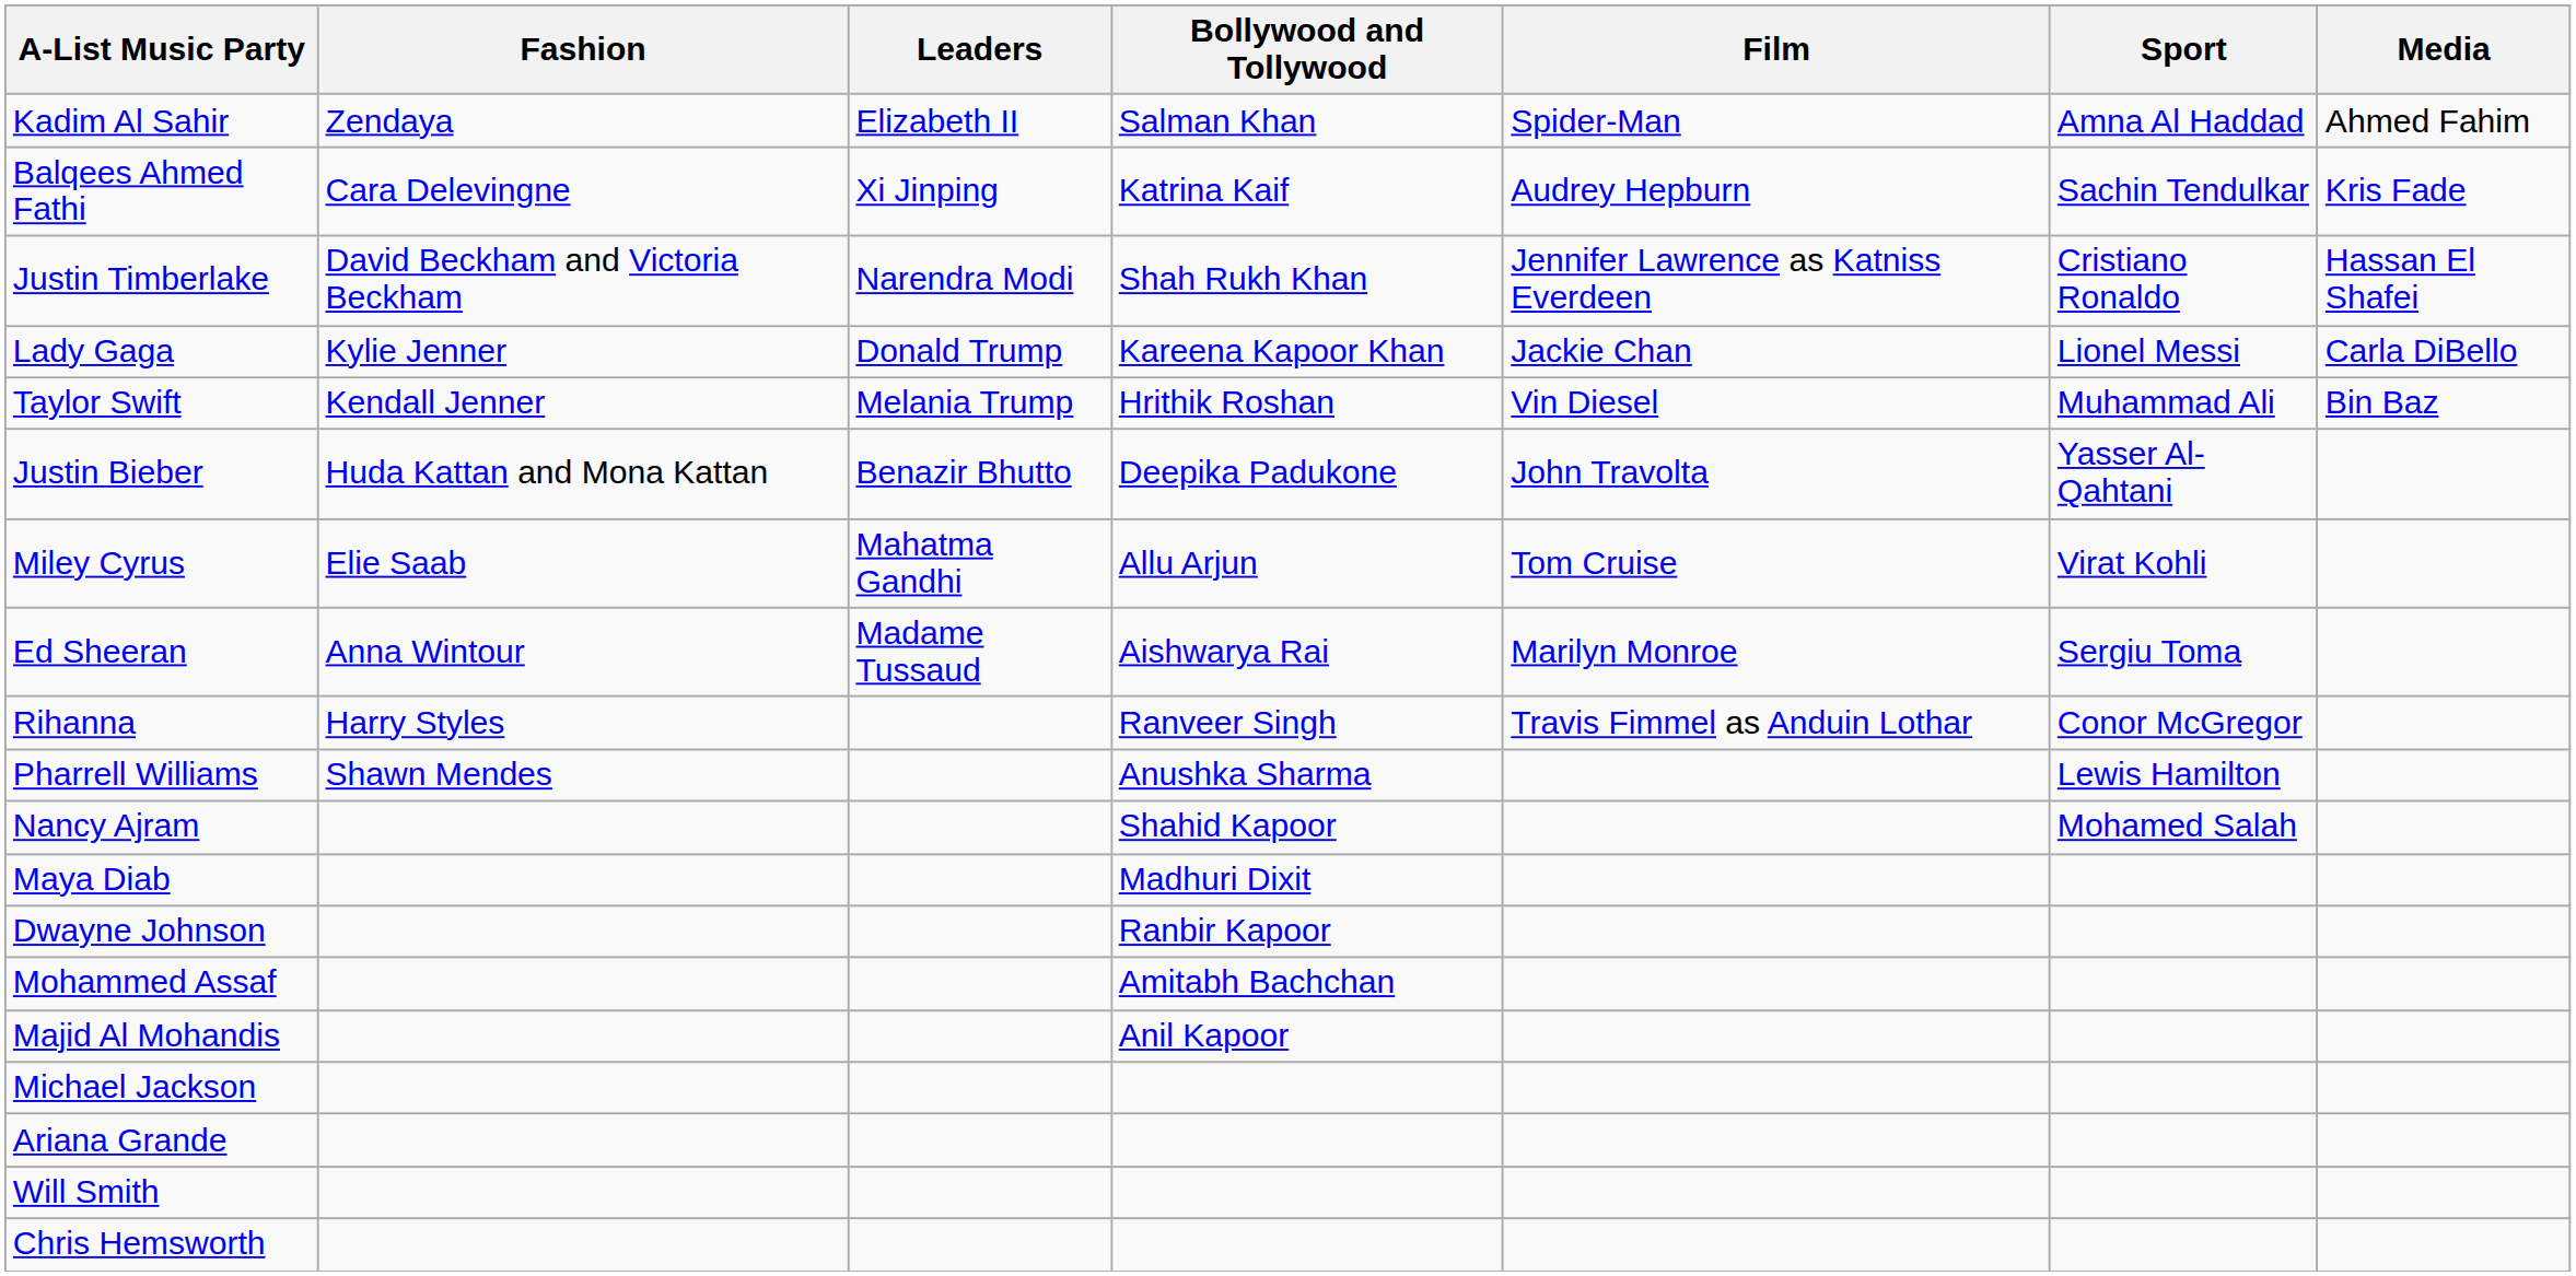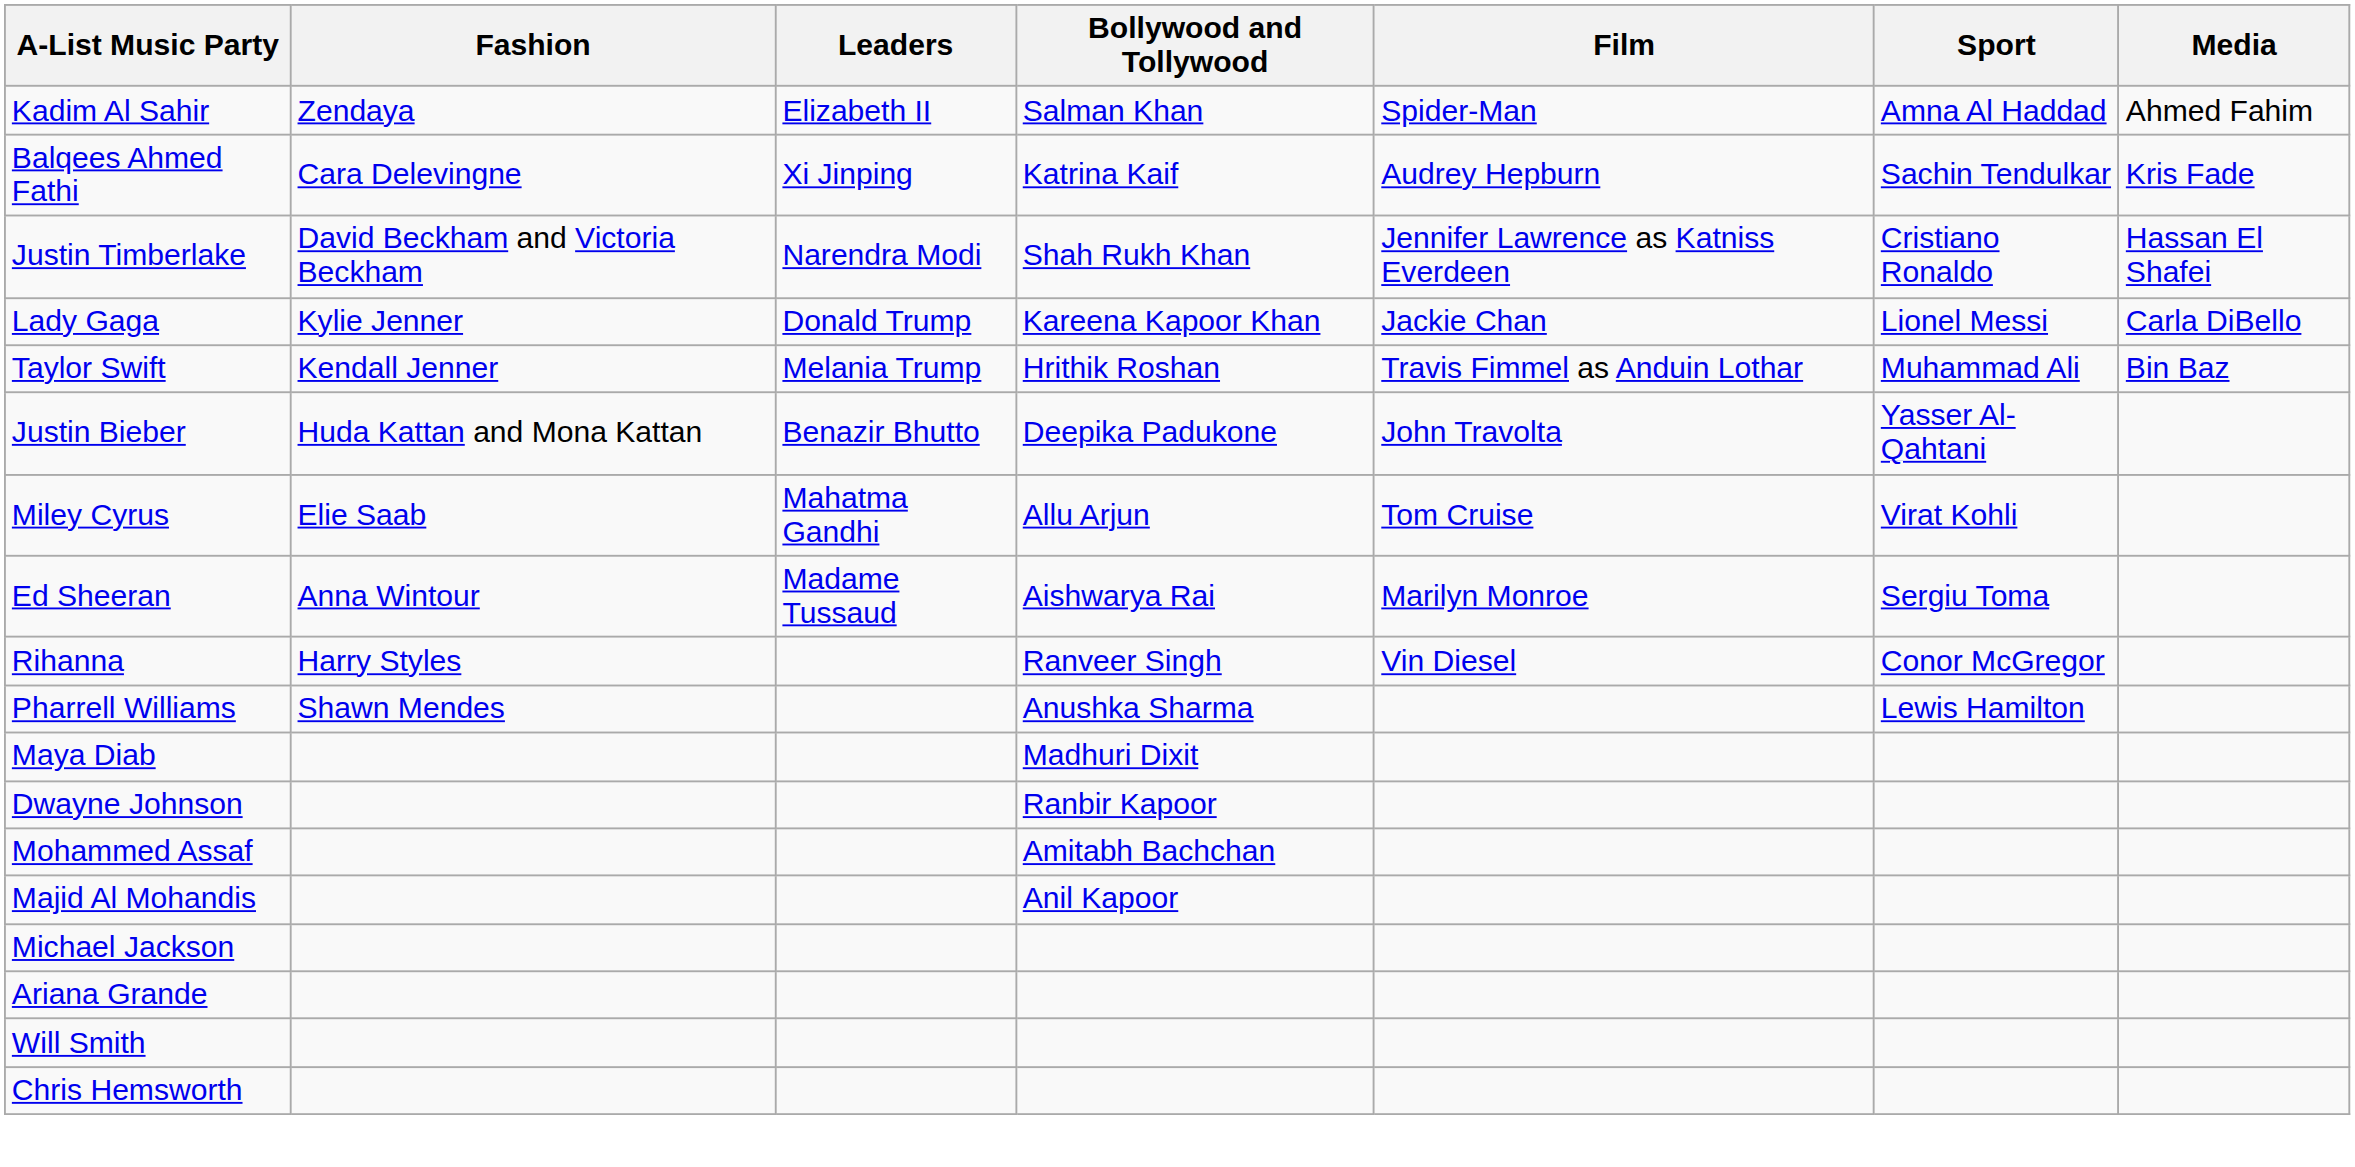 <table class="wikitable">
 <tr>
 <th>A-List Music Party</th>
 <th>Fashion</th>
 <th>Leaders</th>
 <th>Bollywood and Tollywood</th>
 <th>Film</th>
 <th>Sport</th>
 <th>Media</th>
 </tr>
 <tr>
 <td><a href='#'>Kadim Al Sahir</a></td>
 <td><a href='#'>Zendaya</a></td>
 <td><a href='#'>Elizabeth II</a></td>
 <td><a href='#'>Salman Khan</a></td>
 <td><a href='#'>Spider-Man</a></td>
 <td><a href='#'>Amna Al Haddad</a></td>
 <td>Ahmed Fahim</td>
 </tr>
 <tr>
 <td><a href='#'>Balqees Ahmed Fathi</a></td>
 <td><a href='#'>Cara Delevingne</a></td>
 <td><a href='#'>Xi Jinping</a></td>
 <td><a href='#'>Katrina Kaif</a></td>
 <td><a href='#'>Audrey Hepburn</a></td>
 <td><a href='#'>Sachin Tendulkar</a></td>
 <td><a href='#'>Kris Fade</a></td>
 </tr>
 <tr>
 <td><a href='#'>Justin Timberlake</a></td>
 <td><a href='#'>David Beckham</a> and <a href='#'>Victoria Beckham</a></td>
 <td><a href='#'>Narendra Modi</a></td>
 <td><a href='#'>Shah Rukh Khan</a></td>
 <td><a href='#'>Jennifer Lawrence</a> as <a href='#'>Katniss Everdeen</a></td>
 <td><a href='#'>Cristiano Ronaldo</a></td>
 <td><a href='#'>Hassan El Shafei</a></td>
 </tr>
 <tr>
 <td><a href='#'>Lady Gaga</a></td>
 <td><a href='#'>Kylie Jenner</a></td>
 <td><a href='#'>Donald Trump</a></td>
 <td><a href='#'>Kareena Kapoor Khan</a></td>
 <td><a href='#'>Jackie Chan</a></td>
 <td><a href='#'>Lionel Messi</a></td>
 <td><a href='#'>Carla DiBello</a></td>
 </tr>
 <tr>
 <td><a href='#'>Taylor Swift</a></td>
 <td><a href='#'>Kendall Jenner</a></td>
 <td><a href='#'>Melania Trump</a></td>
 <td><a href='#'>Hrithik Roshan</a></td>
-<td><a href='#'>Vin Diesel</a></td>
+<td><a href='#'>Travis Fimmel</a> as <a href='#'>Anduin Lothar</a></td>
 <td><a href='#'>Muhammad Ali</a></td>
 <td><a href='#'>Bin Baz</a></td>
 </tr>
 <tr>
 <td><a href='#'>Justin Bieber</a></td>
 <td><a href='#'>Huda Kattan</a> and Mona Kattan</td>
 <td><a href='#'>Benazir Bhutto</a></td>
 <td><a href='#'>Deepika Padukone</a></td>
 <td><a href='#'>John Travolta</a></td>
 <td><a href='#'>Yasser Al-Qahtani</a></td>
 <td></td>
 </tr>
 <tr>
 <td><a href='#'>Miley Cyrus</a></td>
 <td><a href='#'>Elie Saab</a></td>
 <td><a href='#'>Mahatma Gandhi</a></td>
 <td><a href='#'>Allu Arjun</a></td>
 <td><a href='#'>Tom Cruise</a></td>
 <td><a href='#'>Virat Kohli</a></td>
 <td></td>
 </tr>
 <tr>
 <td><a href='#'>Ed Sheeran</a></td>
 <td><a href='#'>Anna Wintour</a></td>
 <td><a href='#'>Madame Tussaud</a></td>
 <td><a href='#'>Aishwarya Rai</a></td>
 <td><a href='#'>Marilyn Monroe</a></td>
 <td><a href='#'>Sergiu Toma</a></td>
 <td></td>
 </tr>
 <tr>
 <td><a href='#'>Rihanna</a></td>
 <td><a href='#'>Harry Styles</a></td>
 <td></td>
 <td><a href='#'>Ranveer Singh</a></td>
-<td><a href='#'>Travis Fimmel</a> as <a href='#'>Anduin Lothar</a></td>
+<td><a href='#'>Vin Diesel</a></td>
 <td><a href='#'>Conor McGregor</a></td>
 <td></td>
 </tr>
 <tr>
 <td><a href='#'>Pharrell Williams</a></td>
 <td><a href='#'>Shawn Mendes</a></td>
 <td></td>
 <td><a href='#'>Anushka Sharma</a></td>
 <td></td>
 <td><a href='#'>Lewis Hamilton</a></td>
-<td></td>
-</tr>
-<tr>
-<td><a href='#'>Nancy Ajram</a></td>
-<td></td>
-<td></td>
-<td><a href='#'>Shahid Kapoor</a></td>
-<td></td>
-<td><a href='#'>Mohamed Salah</a></td>
 <td></td>
 </tr>
 <tr>
 <td><a href='#'>Maya Diab</a></td>
 <td></td>
 <td></td>
 <td><a href='#'>Madhuri Dixit</a></td>
 <td></td>
 <td></td>
 <td></td>
 </tr>
 <tr>
 <td><a href='#'>Dwayne Johnson</a></td>
 <td></td>
 <td></td>
 <td><a href='#'>Ranbir Kapoor</a></td>
 <td></td>
 <td></td>
 <td></td>
 </tr>
 <tr>
 <td><a href='#'>Mohammed Assaf</a></td>
 <td></td>
 <td></td>
 <td><a href='#'>Amitabh Bachchan</a></td>
 <td></td>
 <td></td>
 <td></td>
 </tr>
 <tr>
 <td><a href='#'>Majid Al Mohandis</a></td>
 <td></td>
 <td></td>
 <td><a href='#'>Anil Kapoor</a></td>
 <td></td>
 <td></td>
 <td></td>
 </tr>
 <tr>
 <td><a href='#'>Michael Jackson</a></td>
 <td></td>
 <td></td>
 <td></td>
 <td></td>
 <td></td>
 <td></td>
 </tr>
 <tr>
 <td><a href='#'>Ariana Grande</a></td>
 <td></td>
 <td></td>
 <td></td>
 <td></td>
 <td></td>
 <td></td>
 </tr>
 <tr>
 <td><a href='#'>Will Smith</a></td>
 <td></td>
 <td></td>
 <td></td>
 <td></td>
 <td></td>
 <td></td>
 </tr>
 <tr>
 <td><a href='#'>Chris Hemsworth</a></td>
 <td></td>
 <td></td>
 <td></td>
 <td></td>
 <td></td>
 <td></td>
 </tr>
 </table>
